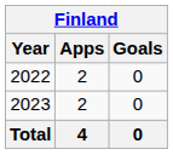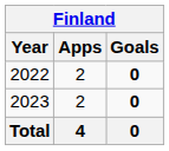 <table class=wikitable style=text-align:center>
 <tr>
 <th colspan=4><a href='#'>Finland</a></th>
 </tr>
 <tr>
 <th>Year</th>
 <th>Apps</th>
 <th>Goals</th>
 </tr>
 <tr>
 <td>2022</td>
 <td>2</td>
-<td>0</td>
+<td><strong>0</strong></td>
 </tr>
 <tr>
 <td>2023</td>
 <td>2</td>
-<td>0</td>
+<td><strong>0</strong></td>
 </tr>
 <tr>
 <th colspan=1>Total</th>
 <th>4</th>
 <th>0</th>
 </tr>
 </table>
